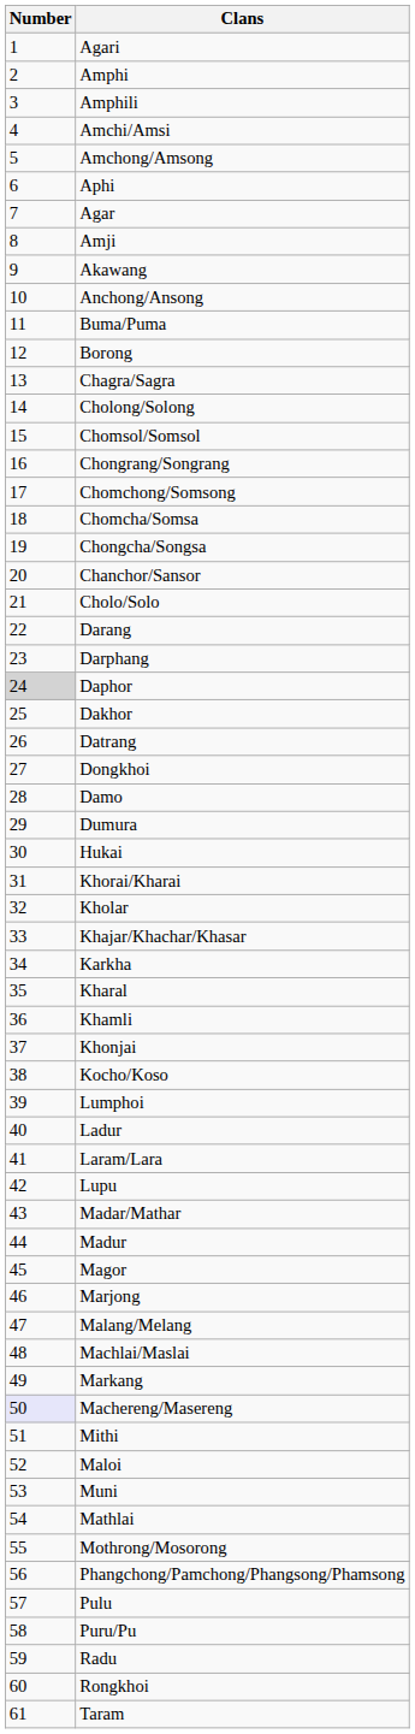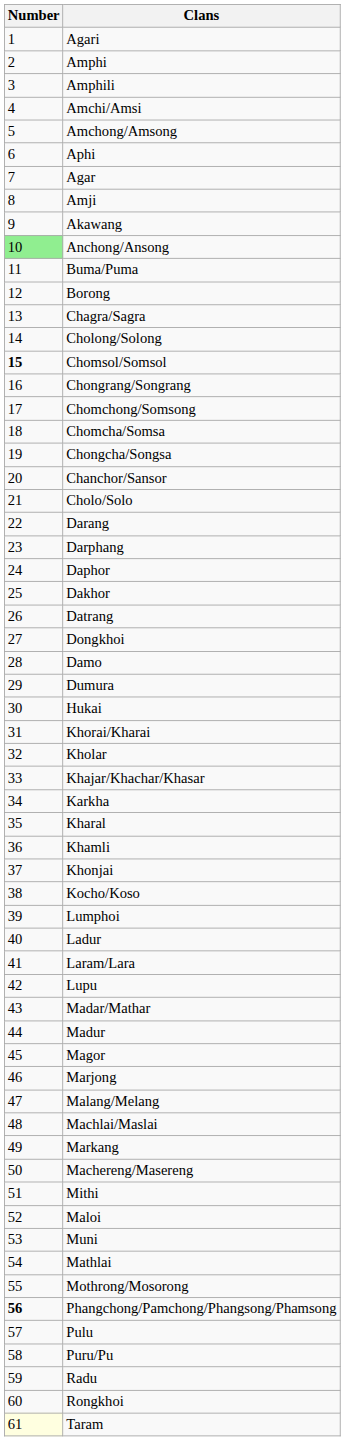 <table class="wikitable" border="1">
 <tr>
 <th>Number</th>
 <th>Clans</th>
 </tr>
 <tr>
 <td>1</td>
 <td>Agari</td>
 </tr>
 <tr>
 <td>2</td>
 <td>Amphi</td>
 </tr>
 <tr>
 <td>3</td>
 <td>Amphili</td>
 </tr>
 <tr>
 <td>4</td>
 <td>Amchi/Amsi</td>
 </tr>
 <tr>
 <td>5</td>
 <td>Amchong/Amsong</td>
 </tr>
 <tr>
 <td>6</td>
 <td>Aphi</td>
 </tr>
 <tr>
 <td>7</td>
 <td>Agar</td>
 </tr>
 <tr>
 <td>8</td>
 <td>Amji</td>
 </tr>
 <tr>
 <td>9</td>
 <td>Akawang</td>
 </tr>
 <tr>
-<td>10</td>
+<td style="background: lightgreen;">10</td>
 <td>Anchong/Ansong</td>
 </tr>
 <tr>
 <td>11</td>
 <td>Buma/Puma</td>
 </tr>
 <tr>
 <td>12</td>
 <td>Borong</td>
 </tr>
 <tr>
 <td>13</td>
 <td>Chagra/Sagra</td>
 </tr>
 <tr>
 <td>14</td>
 <td>Cholong/Solong</td>
 </tr>
 <tr>
-<td>15</td>
+<td><strong>15</strong></td>
 <td>Chomsol/Somsol</td>
 </tr>
 <tr>
 <td>16</td>
 <td>Chongrang/Songrang</td>
 </tr>
 <tr>
 <td>17</td>
 <td>Chomchong/Somsong</td>
 </tr>
 <tr>
 <td>18</td>
 <td>Chomcha/Somsa</td>
 </tr>
 <tr>
 <td>19</td>
 <td>Chongcha/Songsa</td>
 </tr>
 <tr>
 <td>20</td>
 <td>Chanchor/Sansor</td>
 </tr>
 <tr>
 <td>21</td>
 <td>Cholo/Solo</td>
 </tr>
 <tr>
 <td>22</td>
 <td>Darang</td>
 </tr>
 <tr>
 <td>23</td>
 <td>Darphang</td>
 </tr>
 <tr>
-<td style="background: lightgrey;">24</td>
+<td>24</td>
 <td>Daphor</td>
 </tr>
 <tr>
 <td>25</td>
 <td>Dakhor</td>
 </tr>
 <tr>
 <td>26</td>
 <td>Datrang</td>
 </tr>
 <tr>
 <td>27</td>
 <td>Dongkhoi</td>
 </tr>
 <tr>
 <td>28</td>
 <td>Damo</td>
 </tr>
 <tr>
 <td>29</td>
 <td>Dumura</td>
 </tr>
 <tr>
 <td>30</td>
 <td>Hukai</td>
 </tr>
 <tr>
 <td>31</td>
 <td>Khorai/Kharai</td>
 </tr>
 <tr>
 <td>32</td>
 <td>Kholar</td>
 </tr>
 <tr>
 <td>33</td>
 <td>Khajar/Khachar/Khasar</td>
 </tr>
 <tr>
 <td>34</td>
 <td>Karkha</td>
 </tr>
 <tr>
 <td>35</td>
 <td>Kharal</td>
 </tr>
 <tr>
 <td>36</td>
 <td>Khamli</td>
 </tr>
 <tr>
 <td>37</td>
 <td>Khonjai</td>
 </tr>
 <tr>
 <td>38</td>
 <td>Kocho/Koso</td>
 </tr>
 <tr>
 <td>39</td>
 <td>Lumphoi</td>
 </tr>
 <tr>
 <td>40</td>
 <td>Ladur</td>
 </tr>
 <tr>
 <td>41</td>
 <td>Laram/Lara</td>
 </tr>
 <tr>
 <td>42</td>
 <td>Lupu</td>
 </tr>
 <tr>
 <td>43</td>
 <td>Madar/Mathar</td>
 </tr>
 <tr>
 <td>44</td>
 <td>Madur</td>
 </tr>
 <tr>
 <td>45</td>
 <td>Magor</td>
 </tr>
 <tr>
 <td>46</td>
 <td>Marjong</td>
 </tr>
 <tr>
 <td>47</td>
 <td>Malang/Melang</td>
 </tr>
 <tr>
 <td>48</td>
 <td>Machlai/Maslai</td>
 </tr>
 <tr>
 <td>49</td>
 <td>Markang</td>
 </tr>
 <tr>
-<td style="background: lavender;">50</td>
+<td>50</td>
 <td>Machereng/Masereng</td>
 </tr>
 <tr>
 <td>51</td>
 <td>Mithi</td>
 </tr>
 <tr>
 <td>52</td>
 <td>Maloi</td>
 </tr>
 <tr>
 <td>53</td>
 <td>Muni</td>
 </tr>
 <tr>
 <td>54</td>
 <td>Mathlai</td>
 </tr>
 <tr>
 <td>55</td>
 <td>Mothrong/Mosorong</td>
 </tr>
 <tr>
-<td>56</td>
+<td><strong>56</strong></td>
 <td>Phangchong/Pamchong/Phangsong/Phamsong</td>
 </tr>
 <tr>
 <td>57</td>
 <td>Pulu</td>
 </tr>
 <tr>
 <td>58</td>
 <td>Puru/Pu</td>
 </tr>
 <tr>
 <td>59</td>
 <td>Radu</td>
 </tr>
 <tr>
 <td>60</td>
 <td>Rongkhoi</td>
 </tr>
 <tr>
-<td>61</td>
+<td style="background: lightyellow;">61</td>
 <td>Taram</td>
 </tr>
 </table>
